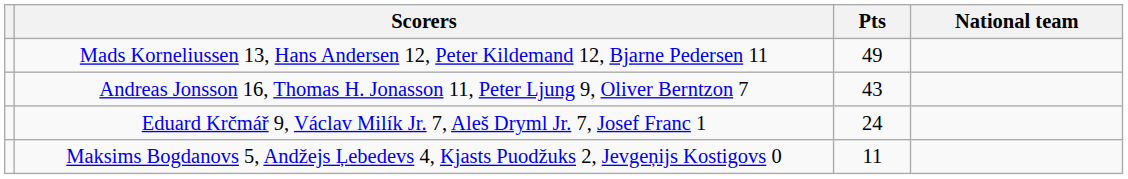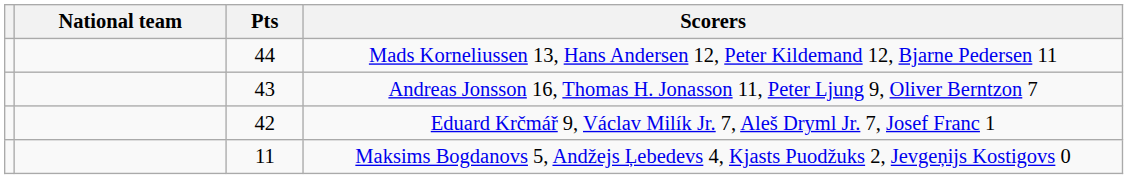 <table class=wikitable style="font-size: 95%">
 <tr>
 <th></th>
+<th width=150>National team</th>
+<th width=50>Pts</th>
 <th width=600>Scorers</th>
-<th width=50>Pts</th>
-<th width=150>National team</th>
 </tr>
 <tr align=center >
 <td></td>
+<td align=left></td>
+<td>44</td>
 <td><a href='#'>Mads Korneliussen</a> 13, <a href='#'>Hans Andersen</a> 12, <a href='#'>Peter Kildemand</a> 12, <a href='#'>Bjarne Pedersen</a> 11</td>
-<td>49</td>
-<td align=left></td>
 </tr>
 <tr align=center>
 <td></td>
+<td align=left></td>
+<td>43</td>
 <td><a href='#'>Andreas Jonsson</a> 16, <a href='#'>Thomas H. Jonasson</a> 11, <a href='#'>Peter Ljung</a> 9, <a href='#'>Oliver Berntzon</a> 7</td>
-<td>43</td>
-<td align=left></td>
 </tr>
 <tr align=center>
 <td></td>
+<td align=left></td>
+<td>42</td>
 <td><a href='#'>Eduard Krčmář</a> 9, <a href='#'>Václav Milík Jr.</a> 7, <a href='#'>Aleš Dryml Jr.</a> 7, <a href='#'>Josef Franc</a> 1</td>
-<td>24</td>
-<td align=left></td>
 </tr>
 <tr align=center>
 <td></td>
+<td align=left></td>
+<td>11</td>
 <td><a href='#'>Maksims Bogdanovs</a> 5, <a href='#'>Andžejs Ļebedevs</a> 4, <a href='#'>Kjasts Puodžuks</a> 2, <a href='#'>Jevgeņijs Kostigovs</a> 0</td>
-<td>11</td>
-<td align=left></td>
 </tr>
 </table>
